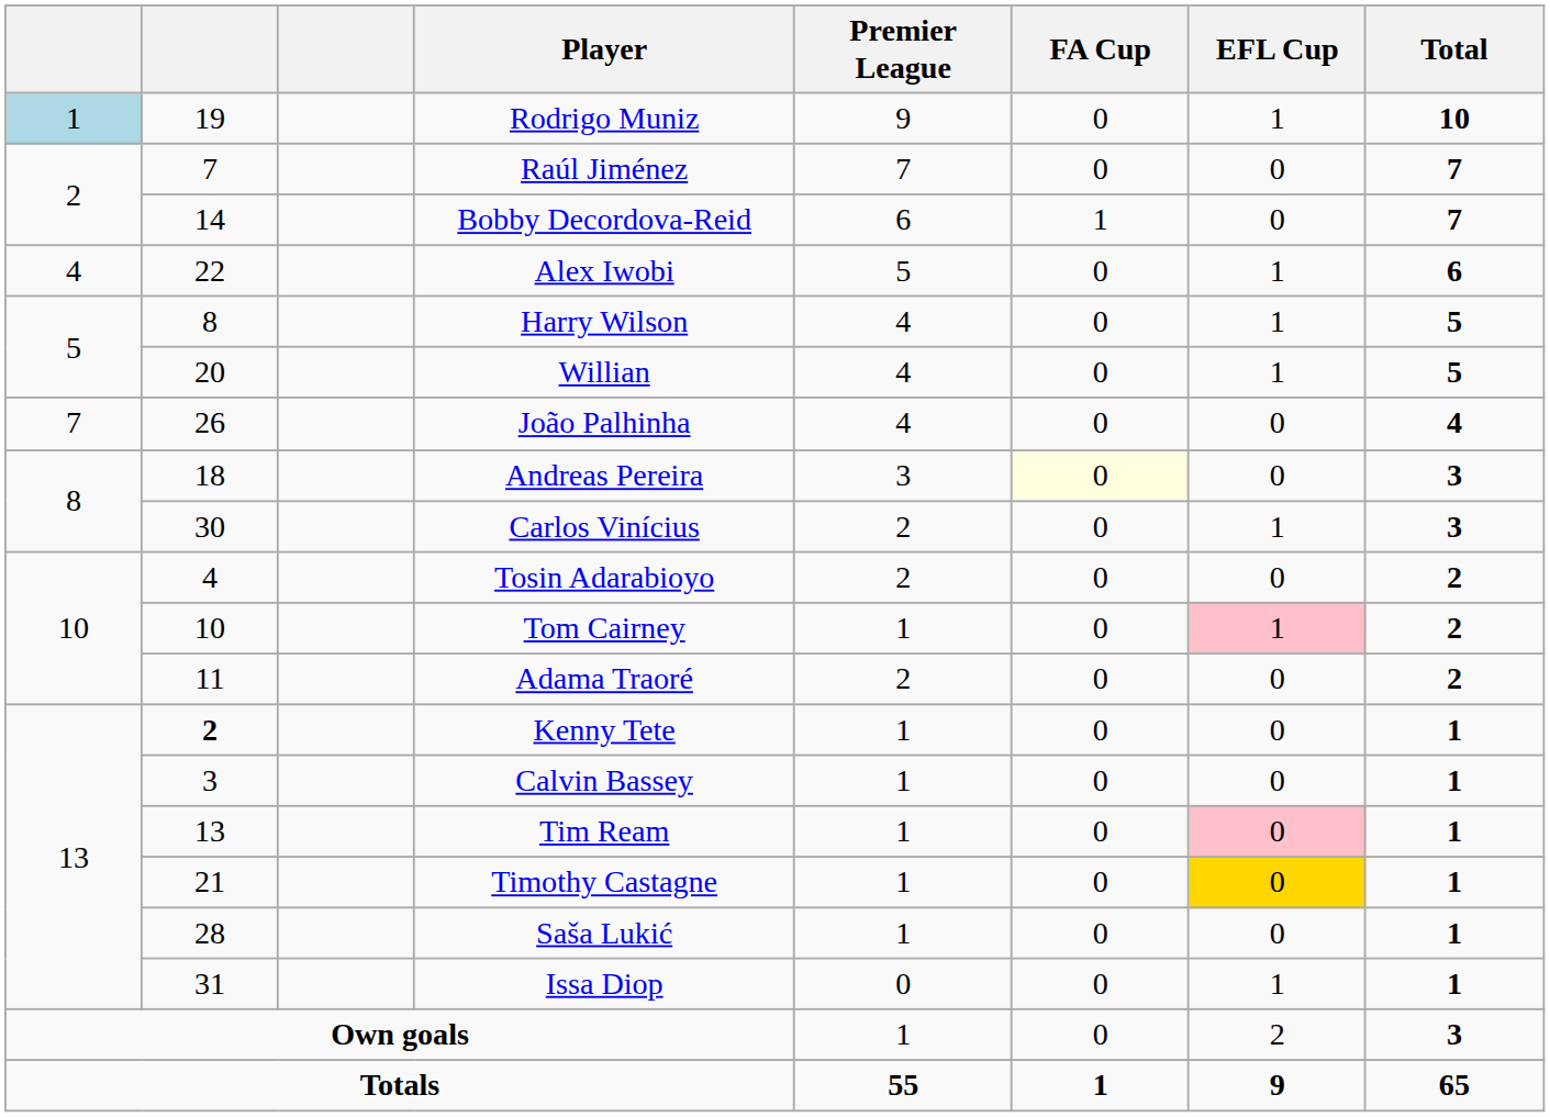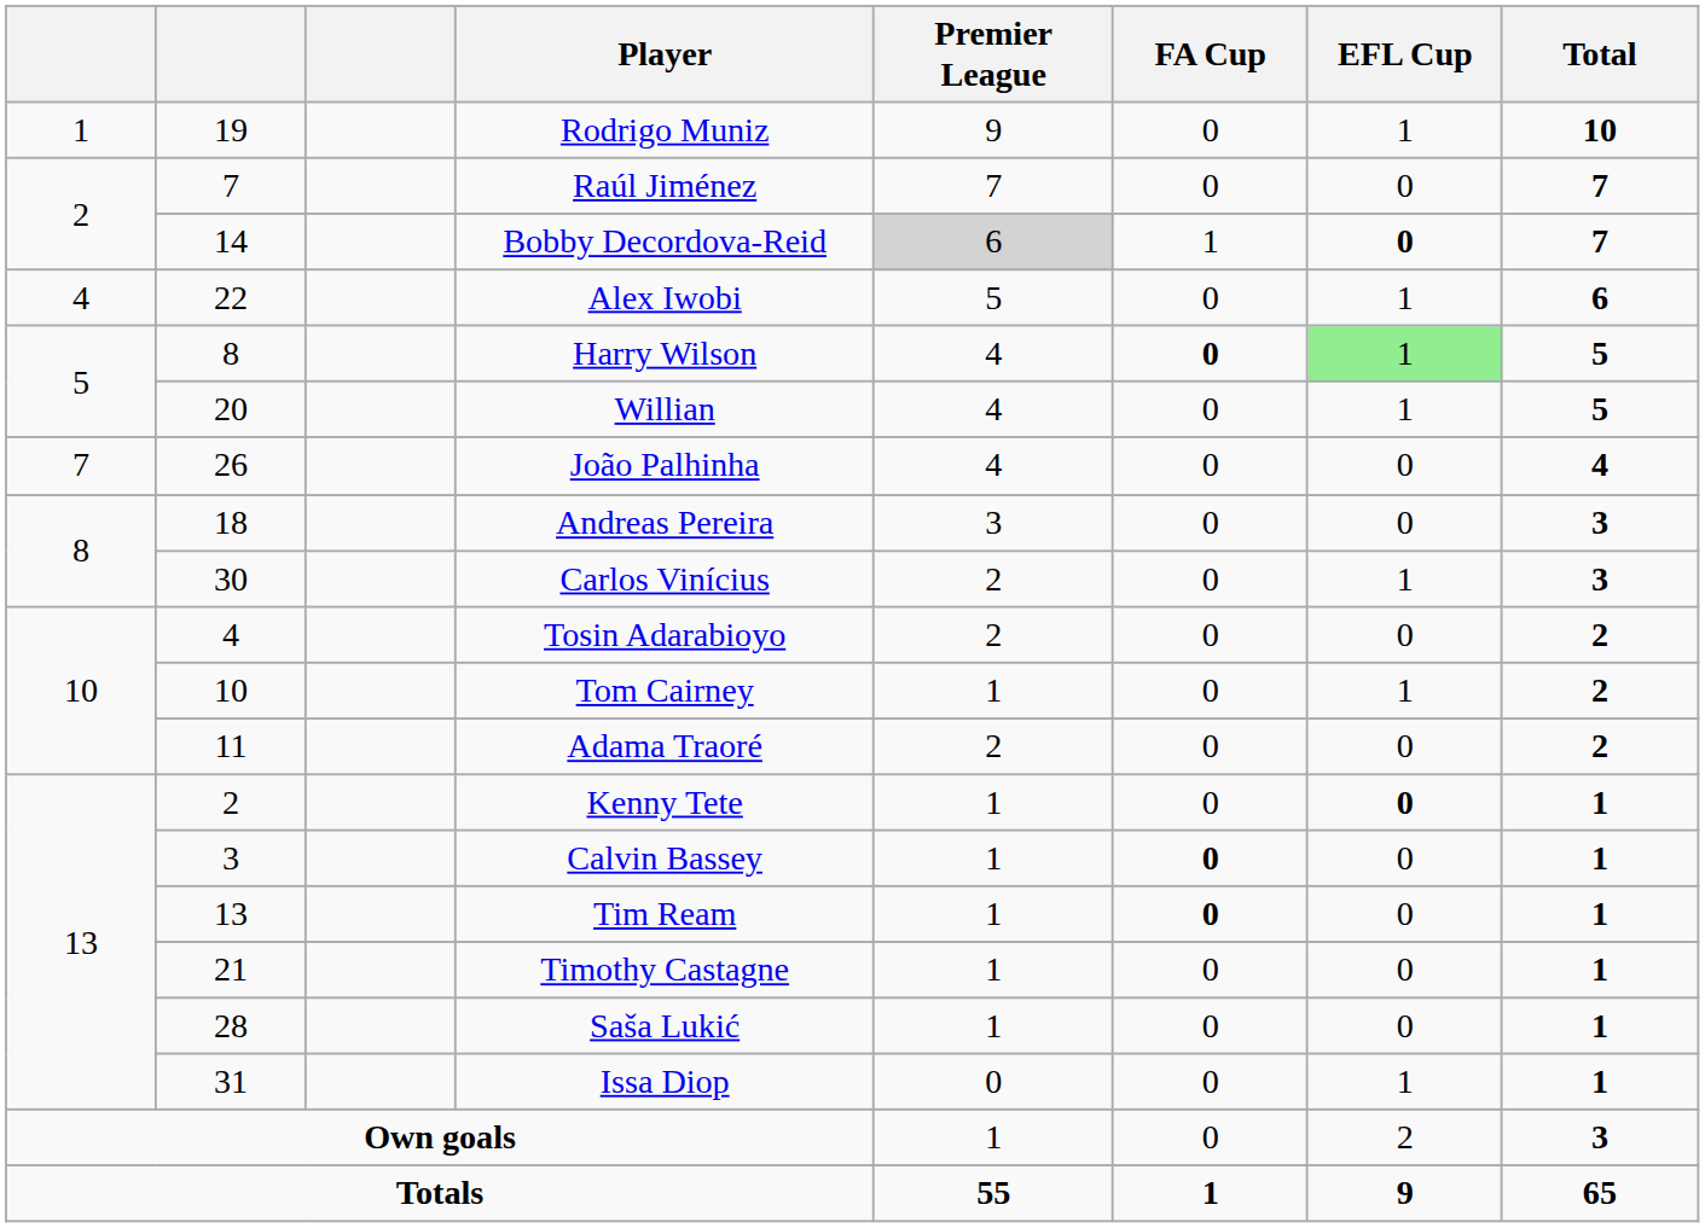 <table class="wikitable" style="font-size: 95%; text-align: center;">
 <tr>
 <th width=60></th>
 <th width=60></th>
 <th width=60></th>
 <th width=180>Player</th>
 <th width=100>Premier League</th>
 <th width=80>FA Cup</th>
 <th width=80>EFL Cup</th>
 <th width=80>Total</th>
 </tr>
 <tr>
-<td rowspan="1" style="background: lightblue;">1</td>
+<td rowspan="1">1</td>
 <td>19</td>
 <td></td>
 <td><a href='#'>Rodrigo Muniz</a></td>
 <td>9</td>
 <td>0</td>
 <td>1</td>
 <td><strong>10</strong></td>
 </tr>
 <tr>
 <td rowspan="2">2</td>
 <td>7</td>
 <td></td>
 <td><a href='#'>Raúl Jiménez</a></td>
 <td>7</td>
 <td>0</td>
 <td>0</td>
 <td><strong>7</strong></td>
 </tr>
 <tr>
 <td>14</td>
 <td></td>
 <td><a href='#'>Bobby Decordova-Reid</a></td>
-<td>6</td>
+<td style="background: lightgrey;">6</td>
 <td>1</td>
-<td>0</td>
+<td><strong>0</strong></td>
 <td><strong>7</strong></td>
 </tr>
 <tr>
 <td rowspan="1">4</td>
 <td>22</td>
 <td></td>
 <td><a href='#'>Alex Iwobi</a></td>
 <td>5</td>
 <td>0</td>
 <td>1</td>
 <td><strong>6</strong></td>
 </tr>
 <tr>
 <td rowspan="2">5</td>
 <td>8</td>
 <td></td>
 <td><a href='#'>Harry Wilson</a></td>
 <td>4</td>
-<td>0</td>
-<td>1</td>
+<td><strong>0</strong></td>
+<td style="background: lightgreen;">1</td>
 <td><strong>5</strong></td>
 </tr>
 <tr>
 <td>20</td>
 <td></td>
 <td><a href='#'>Willian</a></td>
 <td>4</td>
 <td>0</td>
 <td>1</td>
 <td><strong>5</strong></td>
 </tr>
 <tr>
 <td rowspan="1">7</td>
 <td>26</td>
 <td></td>
 <td><a href='#'>João Palhinha</a></td>
 <td>4</td>
 <td>0</td>
 <td>0</td>
 <td><strong>4</strong></td>
 </tr>
 <tr>
 <td rowspan="2">8</td>
 <td>18</td>
 <td></td>
 <td><a href='#'>Andreas Pereira</a></td>
 <td>3</td>
-<td style="background: lightyellow;">0</td>
+<td>0</td>
 <td>0</td>
 <td><strong>3</strong></td>
 </tr>
 <tr>
 <td>30</td>
 <td></td>
 <td><a href='#'>Carlos Vinícius</a></td>
 <td>2</td>
 <td>0</td>
 <td>1</td>
 <td><strong>3</strong></td>
 </tr>
 <tr>
 <td rowspan="3">10</td>
 <td>4</td>
 <td></td>
 <td><a href='#'>Tosin Adarabioyo</a></td>
 <td>2</td>
 <td>0</td>
 <td>0</td>
 <td><strong>2</strong></td>
 </tr>
 <tr>
 <td>10</td>
 <td></td>
 <td><a href='#'>Tom Cairney</a></td>
 <td>1</td>
 <td>0</td>
-<td style="background: pink;">1</td>
+<td>1</td>
 <td><strong>2</strong></td>
 </tr>
 <tr>
 <td>11</td>
 <td></td>
 <td><a href='#'>Adama Traoré</a></td>
 <td>2</td>
 <td>0</td>
 <td>0</td>
 <td><strong>2</strong></td>
 </tr>
 <tr>
 <td rowspan="6">13</td>
-<td><strong>2</strong></td>
+<td>2</td>
 <td></td>
 <td><a href='#'>Kenny Tete</a></td>
 <td>1</td>
 <td>0</td>
-<td>0</td>
+<td><strong>0</strong></td>
 <td><strong>1</strong></td>
 </tr>
 <tr>
 <td>3</td>
 <td></td>
 <td><a href='#'>Calvin Bassey</a></td>
 <td>1</td>
-<td>0</td>
+<td><strong>0</strong></td>
 <td>0</td>
 <td><strong>1</strong></td>
 </tr>
 <tr>
 <td>13</td>
 <td></td>
 <td><a href='#'>Tim Ream</a></td>
 <td>1</td>
+<td><strong>0</strong></td>
 <td>0</td>
-<td style="background: pink;">0</td>
 <td><strong>1</strong></td>
 </tr>
 <tr>
 <td>21</td>
 <td></td>
 <td><a href='#'>Timothy Castagne</a></td>
 <td>1</td>
 <td>0</td>
-<td style="background: gold;">0</td>
+<td>0</td>
 <td><strong>1</strong></td>
 </tr>
 <tr>
 <td>28</td>
 <td></td>
 <td><a href='#'>Saša Lukić</a></td>
 <td>1</td>
 <td>0</td>
 <td>0</td>
 <td><strong>1</strong></td>
 </tr>
 <tr>
 <td>31</td>
 <td></td>
 <td><a href='#'>Issa Diop</a></td>
 <td>0</td>
 <td>0</td>
 <td>1</td>
 <td><strong>1</strong></td>
 </tr>
 <tr>
 <td colspan=4><strong>Own goals</strong></td>
 <td>1</td>
 <td>0</td>
 <td>2</td>
 <td><strong>3</strong></td>
 </tr>
 <tr>
 <td colspan=4><strong>Totals</strong></td>
 <td><strong>55</strong></td>
 <td><strong>1</strong></td>
 <td><strong>9</strong></td>
 <td><strong>65</strong></td>
 </tr>
 </table>
